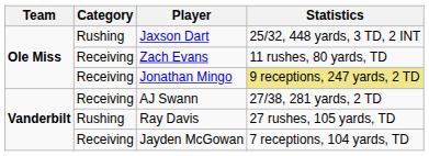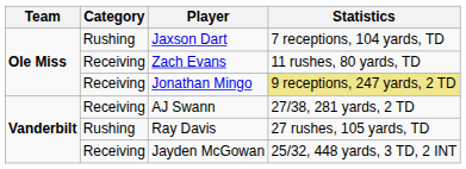 <table class="wikitable" style="float: left;">
 <tr>
 <th>Team</th>
 <th>Category</th>
 <th>Player</th>
 <th>Statistics</th>
 </tr>
 <tr>
 <td rowspan=3><strong>Ole Miss</strong></td>
 <td>Rushing</td>
 <td><a href='#'>Jaxson Dart</a></td>
-<td>25/32, 448 yards, 3 TD, 2 INT</td>
+<td>7 receptions, 104 yards, TD</td>
 </tr>
 <tr>
 <td>Receiving</td>
 <td><a href='#'>Zach Evans</a></td>
 <td>11 rushes, 80 yards, TD</td>
 </tr>
 <tr>
 <td>Receiving</td>
 <td><a href='#'>Jonathan Mingo</a></td>
 <td style="background: khaki;">9 receptions, 247 yards, 2 TD</td>
 </tr>
 <tr>
 <td rowspan=3><strong>Vanderbilt</strong></td>
 <td>Receiving</td>
 <td>AJ Swann</td>
 <td>27/38, 281 yards, 2 TD</td>
 </tr>
 <tr>
 <td>Rushing</td>
 <td>Ray Davis</td>
 <td>27 rushes, 105 yards, TD</td>
 </tr>
 <tr>
 <td>Receiving</td>
 <td>Jayden McGowan</td>
-<td>7 receptions, 104 yards, TD</td>
+<td>25/32, 448 yards, 3 TD, 2 INT</td>
 </tr>
 </table>
